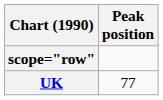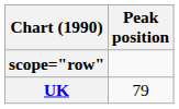 <table class="wikitable plainrowheaders" style="text-align:center">
 <tr>
 <th scope="col">Chart (1990)</th>
 <th scope="col">Peak<br> position</th>
 </tr>
 <tr>
 <th>scope="row" </th>
 </tr>
 <tr>
 <th scope="row"><a href='#'>UK</a></th>
-<td style="text-align:center;">77</td>
+<td style="text-align:center;">79</td>
 </tr>
 </table>
